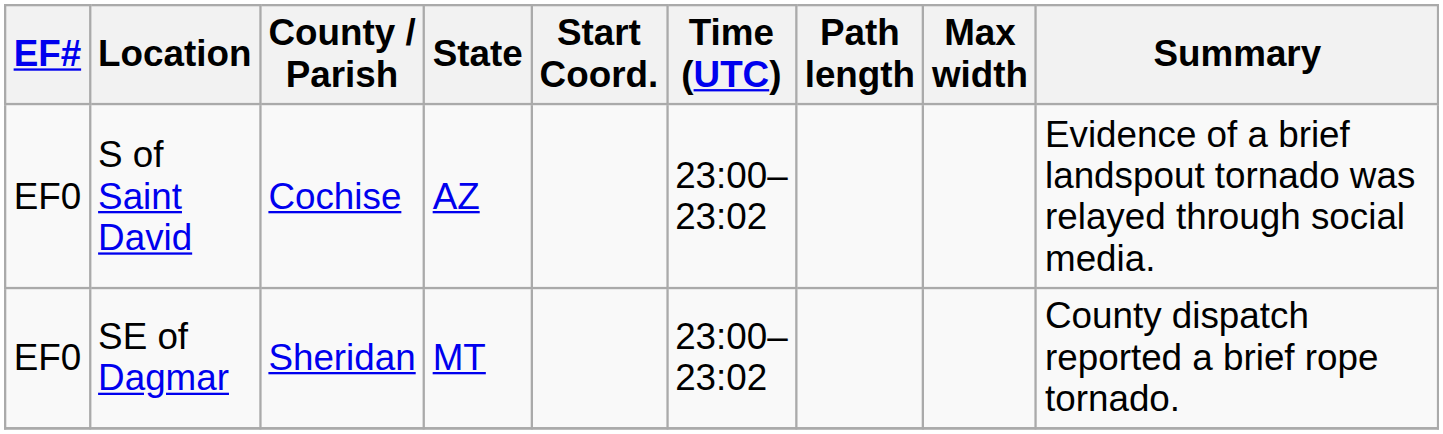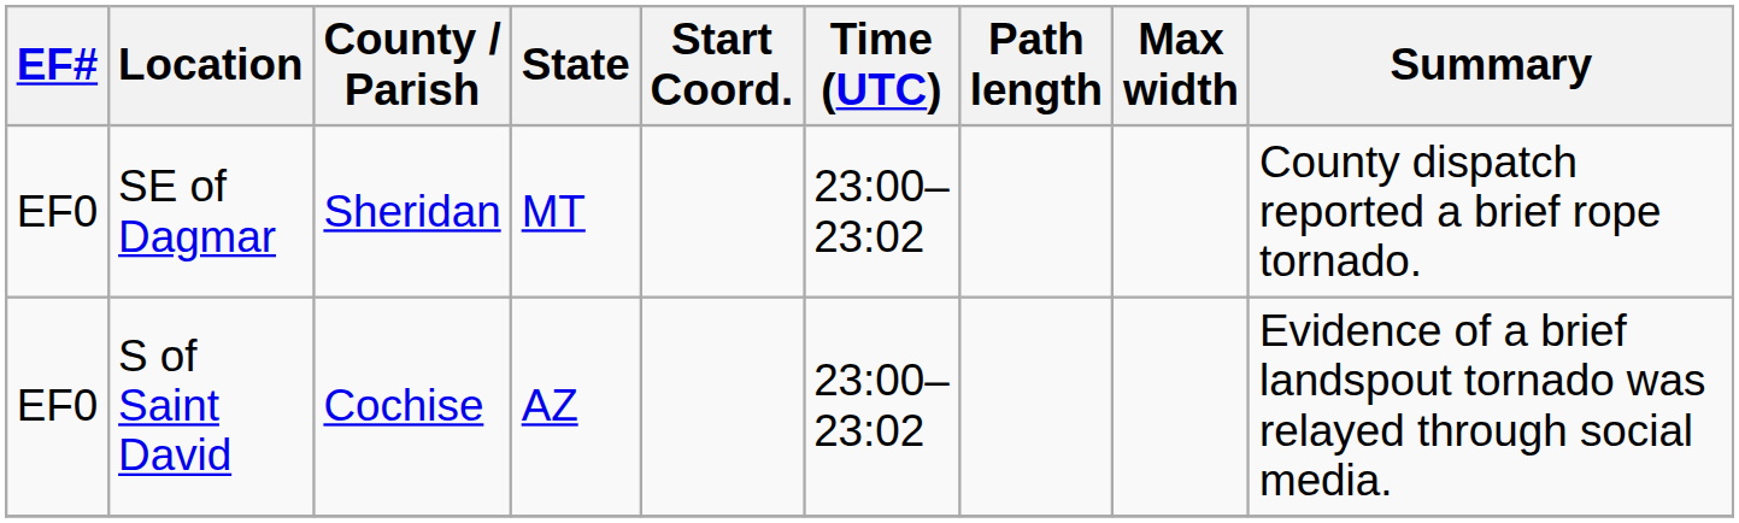 <table class="wikitable sortable" style="width:100%;">
 <tr>
 <th scope="col"  style="width:3%; text-align:center;"><a href='#'>EF#</a></th>
 <th scope="col"  style="width:7%; text-align:center;" class="unsortable">Location</th>
 <th scope="col"  style="width:6%; text-align:center;" class="unsortable">County / Parish</th>
 <th scope="col"  style="width:5%; text-align:center;">State</th>
 <th scope="col"  style="width:6%; text-align:center;">Start Coord.</th>
 <th scope="col"  style="width:6%; text-align:center;">Time (<a href='#'>UTC</a>)</th>
 <th scope="col"  style="width:6%; text-align:center;">Path length</th>
 <th scope="col"  style="width:6%; text-align:center;">Max width</th>
 <th scope="col" class="unsortable" style="width:48%; text-align:center;">Summary</th>
 </tr>
 <tr>
 <td>EF0</td>
+<td>SE of <a href='#'>Dagmar</a></td>
+<td><a href='#'>Sheridan</a></td>
+<td><a href='#'>MT</a></td>
+<td></td>
+<td>23:00–23:02</td>
+<td></td>
+<td></td>
+<td>County dispatch reported a brief rope tornado.</td>
+</tr>
+<tr>
+<td>EF0</td>
 <td>S of <a href='#'>Saint David</a></td>
 <td><a href='#'>Cochise</a></td>
 <td><a href='#'>AZ</a></td>
 <td></td>
 <td>23:00–23:02</td>
 <td></td>
 <td></td>
 <td>Evidence of a brief landspout tornado was relayed through social media.</td>
 </tr>
 <tr>
-<td>EF0</td>
-<td>SE of <a href='#'>Dagmar</a></td>
-<td><a href='#'>Sheridan</a></td>
-<td><a href='#'>MT</a></td>
-<td></td>
-<td>23:00–23:02</td>
-<td></td>
-<td></td>
-<td>County dispatch reported a brief rope tornado.</td>
-</tr>
-<tr>
 </tr>
 </table>
